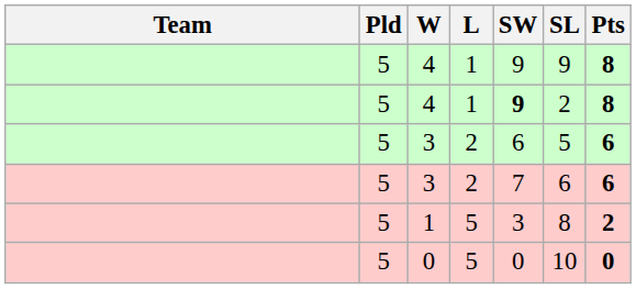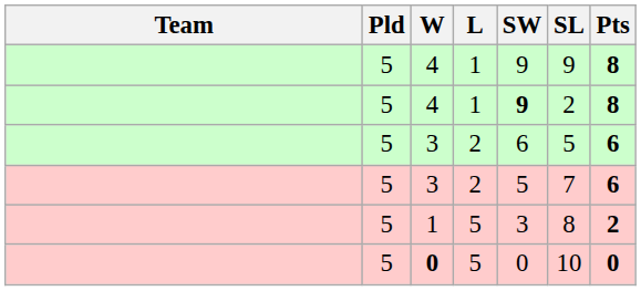 <table class=wikitable style="text-align:center">
 <tr>
 <th width=220>Team</th>
 <th width=20>Pld</th>
 <th width=20>W</th>
 <th width=20>L</th>
 <th width=20>SW</th>
 <th width=20>SL</th>
 <th width=20>Pts</th>
 </tr>
 <tr bgcolor=ccffcc>
 <td align=left></td>
 <td>5</td>
 <td>4</td>
 <td>1</td>
 <td>9</td>
 <td>9</td>
 <td><strong>8</strong></td>
 </tr>
 <tr bgcolor=ccffcc>
 <td align=left></td>
 <td>5</td>
 <td>4</td>
 <td>1</td>
 <td><strong>9</strong></td>
 <td>2</td>
 <td><strong>8</strong></td>
 </tr>
 <tr bgcolor=ccffcc>
 <td align=left></td>
 <td>5</td>
 <td>3</td>
 <td>2</td>
 <td>6</td>
 <td>5</td>
 <td><strong>6</strong></td>
 </tr>
 <tr bgcolor=ffcccc>
 <td align=left></td>
 <td>5</td>
 <td>3</td>
 <td>2</td>
+<td>5</td>
 <td>7</td>
-<td>6</td>
 <td><strong>6</strong></td>
 </tr>
 <tr bgcolor=ffcccc>
 <td align=left></td>
 <td>5</td>
 <td>1</td>
 <td>5</td>
 <td>3</td>
 <td>8</td>
 <td><strong>2</strong></td>
 </tr>
 <tr bgcolor=ffcccc>
 <td align=left></td>
 <td>5</td>
-<td>0</td>
+<td><strong>0</strong></td>
 <td>5</td>
 <td>0</td>
 <td>10</td>
 <td><strong>0</strong></td>
 </tr>
 </table>
